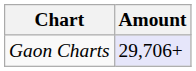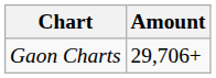 <table class="wikitable">
 <tr>
 <th>Chart</th>
 <th>Amount</th>
 </tr>
 <tr>
 <td><em>Gaon Charts</em></td>
-<td style="background: lavender;">29,706+</td>
+<td>29,706+</td>
 </tr>
 </table>
